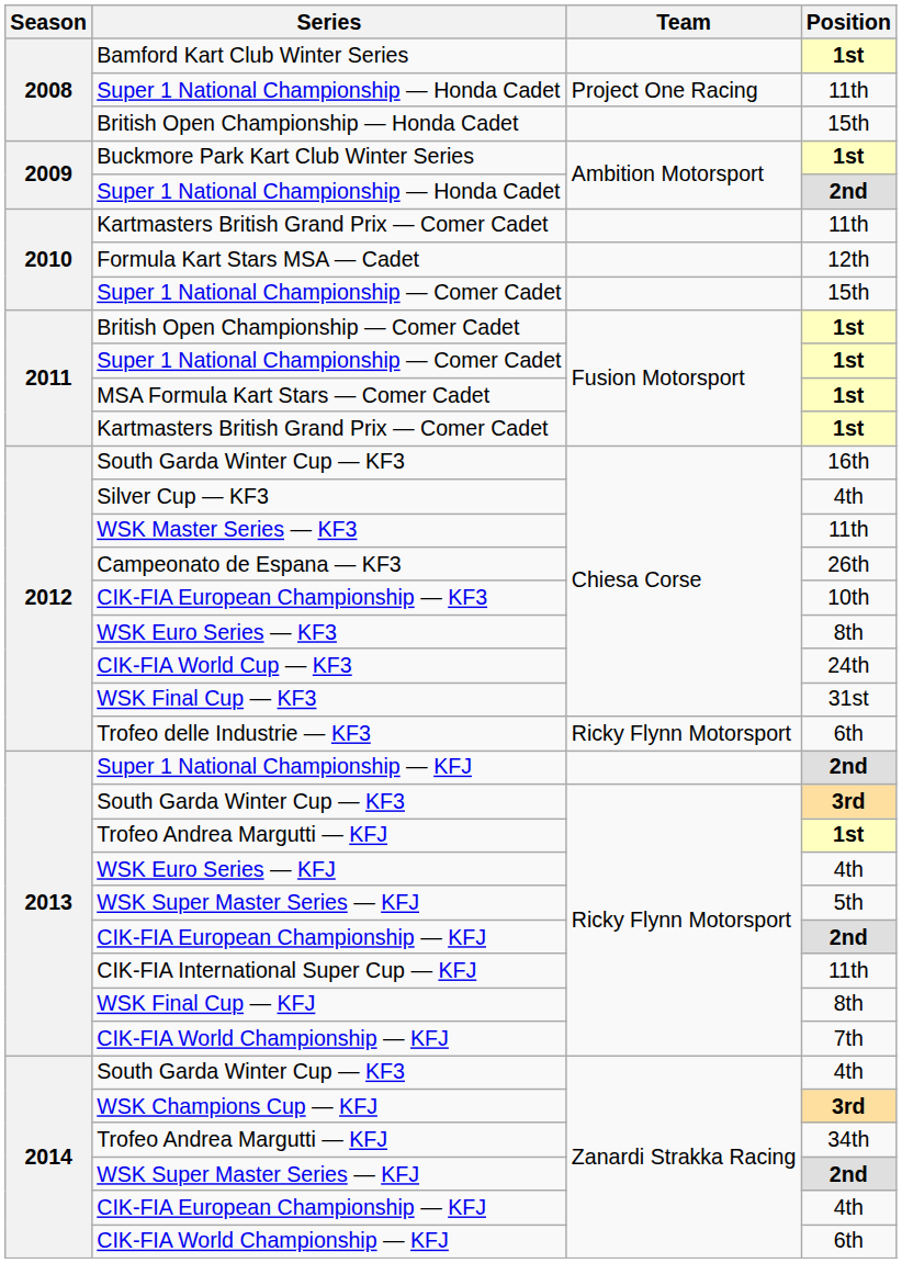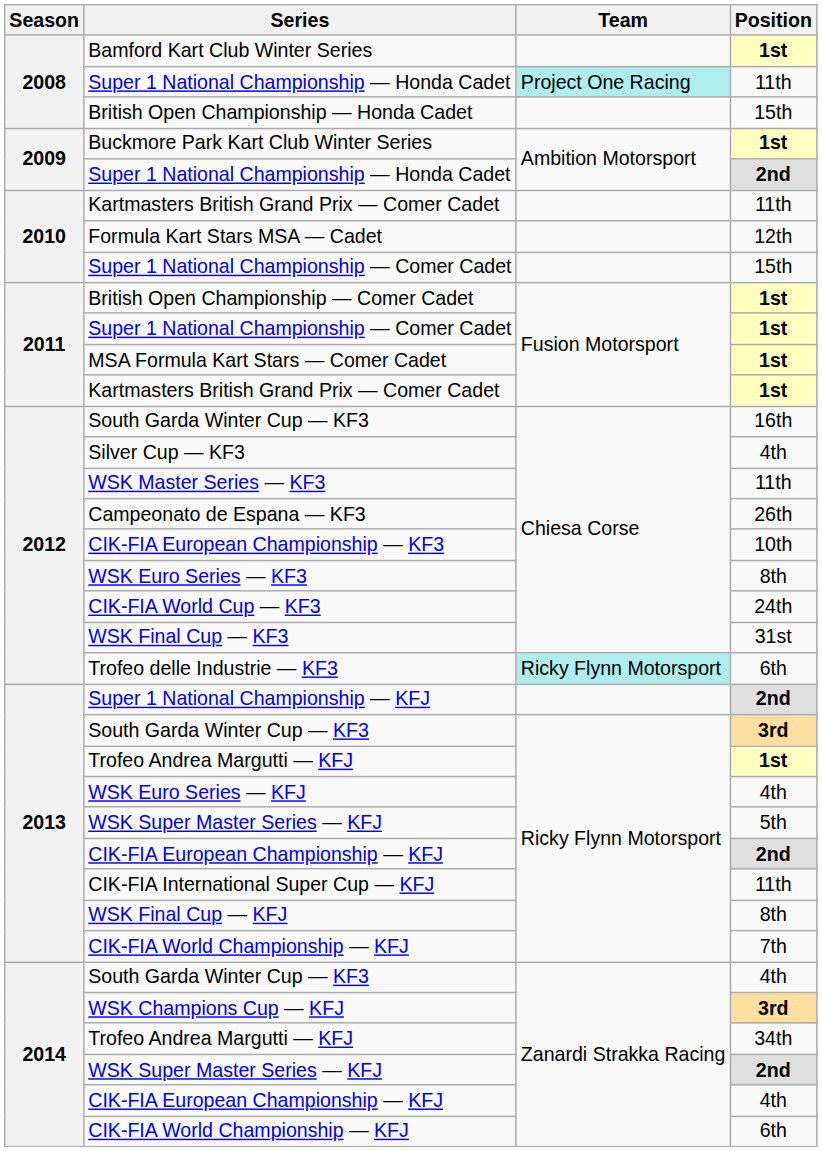 <table class="wikitable" style="font-size: 85%; text-align:center">
 <tr>
 <th>Season</th>
 <th>Series</th>
 <th>Team</th>
 <th>Position</th>
 </tr>
 <tr>
 <th rowspan="3">2008</th>
 <td align="left">Bamford Kart Club Winter Series</td>
 <td align="left"></td>
 <td style="background:#FFFFBF;"><strong>1st</strong></td>
 </tr>
 <tr>
 <td align="left"><a href='#'>Super 1 National Championship</a> — Honda Cadet</td>
-<td align="left">Project One Racing</td>
+<td align="left" style="background: paleturquoise;">Project One Racing</td>
 <td>11th</td>
 </tr>
 <tr>
 <td align="left">British Open Championship — Honda Cadet</td>
 <td align="left"></td>
 <td>15th</td>
 </tr>
 <tr>
 <th rowspan="2">2009</th>
 <td align="left">Buckmore Park Kart Club Winter Series</td>
 <td rowspan="2" align="left">Ambition Motorsport</td>
 <td style="background:#FFFFBF;"><strong>1st</strong></td>
 </tr>
 <tr>
 <td align="left"><a href='#'>Super 1 National Championship</a> — Honda Cadet</td>
 <td style="background:#DFDFDF;"><strong>2nd</strong></td>
 </tr>
 <tr>
 <th rowspan="3">2010</th>
 <td align="left">Kartmasters British Grand Prix — Comer Cadet</td>
 <td align="left"></td>
 <td>11th</td>
 </tr>
 <tr>
 <td align="left">Formula Kart Stars MSA — Cadet</td>
 <td align="left"></td>
 <td>12th</td>
 </tr>
 <tr>
 <td align="left"><a href='#'>Super 1 National Championship</a> — Comer Cadet</td>
 <td align="left"></td>
 <td>15th</td>
 </tr>
 <tr>
 <th rowspan="4">2011</th>
 <td align="left">British Open Championship — Comer Cadet</td>
 <td rowspan="4" align="left">Fusion Motorsport</td>
 <td style="background:#FFFFBF;"><strong>1st</strong></td>
 </tr>
 <tr>
 <td align="left"><a href='#'>Super 1 National Championship</a> — Comer Cadet</td>
 <td style="background:#FFFFBF;"><strong>1st</strong></td>
 </tr>
 <tr>
 <td align="left">MSA Formula Kart Stars — Comer Cadet</td>
 <td style="background:#FFFFBF;"><strong>1st</strong></td>
 </tr>
 <tr>
 <td align="left">Kartmasters British Grand Prix — Comer Cadet</td>
 <td style="background:#FFFFBF;"><strong>1st</strong></td>
 </tr>
 <tr>
 <th rowspan="9">2012</th>
 <td align="left">South Garda Winter Cup — KF3</td>
 <td rowspan="8"  align="left">Chiesa Corse</td>
 <td>16th</td>
 </tr>
 <tr>
 <td align="left">Silver Cup — KF3</td>
 <td>4th</td>
 </tr>
 <tr>
 <td align="left"><a href='#'>WSK Master Series</a> — <a href='#'>KF3</a></td>
 <td>11th</td>
 </tr>
 <tr>
 <td align="left">Campeonato de Espana — KF3</td>
 <td>26th</td>
 </tr>
 <tr>
 <td align="left"><a href='#'>CIK-FIA European Championship</a> — <a href='#'>KF3</a></td>
 <td>10th</td>
 </tr>
 <tr>
 <td align="left"><a href='#'>WSK Euro Series</a> — <a href='#'>KF3</a></td>
 <td>8th</td>
 </tr>
 <tr>
 <td align="left"><a href='#'>CIK-FIA World Cup</a> — <a href='#'>KF3</a></td>
 <td>24th</td>
 </tr>
 <tr>
 <td align="left"><a href='#'>WSK Final Cup</a> — <a href='#'>KF3</a></td>
 <td>31st</td>
 </tr>
 <tr>
 <td align="left">Trofeo delle Industrie — <a href='#'>KF3</a></td>
-<td align="left">Ricky Flynn Motorsport</td>
+<td align="left" style="background: paleturquoise;">Ricky Flynn Motorsport</td>
 <td>6th</td>
 </tr>
 <tr>
 <th rowspan="9">2013</th>
 <td align="left"><a href='#'>Super 1 National Championship</a> — <a href='#'>KFJ</a></td>
 <td align="left"></td>
 <td style="background:#DFDFDF;"><strong>2nd</strong></td>
 </tr>
 <tr>
 <td align="left">South Garda Winter Cup — <a href='#'>KF3</a></td>
 <td rowspan="8"  align="left">Ricky Flynn Motorsport</td>
 <td style="background:#FFDF9F;"><strong>3rd</strong></td>
 </tr>
 <tr>
 <td align="left">Trofeo Andrea Margutti — <a href='#'>KFJ</a></td>
 <td style="background:#FFFFBF;"><strong>1st</strong></td>
 </tr>
 <tr>
 <td align="left"><a href='#'>WSK Euro Series</a> — <a href='#'>KFJ</a></td>
 <td>4th</td>
 </tr>
 <tr>
 <td align="left"><a href='#'>WSK Super Master Series</a> — <a href='#'>KFJ</a></td>
 <td>5th</td>
 </tr>
 <tr>
 <td align="left"><a href='#'>CIK-FIA European Championship</a> — <a href='#'>KFJ</a></td>
 <td style="background:#DFDFDF;"><strong>2nd</strong></td>
 </tr>
 <tr>
 <td align="left">CIK-FIA International Super Cup — <a href='#'>KFJ</a></td>
 <td>11th</td>
 </tr>
 <tr>
 <td align="left"><a href='#'>WSK Final Cup</a> — <a href='#'>KFJ</a></td>
 <td>8th</td>
 </tr>
 <tr>
 <td align="left"><a href='#'>CIK-FIA World Championship</a> — <a href='#'>KFJ</a></td>
 <td>7th</td>
 </tr>
 <tr>
 <th rowspan="6">2014</th>
 <td align="left">South Garda Winter Cup — <a href='#'>KF3</a></td>
 <td rowspan="6"  align="left">Zanardi Strakka Racing</td>
 <td>4th</td>
 </tr>
 <tr>
 <td align="left"><a href='#'>WSK Champions Cup</a> — <a href='#'>KFJ</a></td>
 <td style="background:#FFDF9F;"><strong>3rd</strong></td>
 </tr>
 <tr>
 <td align="left">Trofeo Andrea Margutti — <a href='#'>KFJ</a></td>
 <td>34th</td>
 </tr>
 <tr>
 <td align="left"><a href='#'>WSK Super Master Series</a> — <a href='#'>KFJ</a></td>
 <td style="background:#DFDFDF;"><strong>2nd</strong></td>
 </tr>
 <tr>
 <td align="left"><a href='#'>CIK-FIA European Championship</a> — <a href='#'>KFJ</a></td>
 <td>4th</td>
 </tr>
 <tr>
 <td align="left"><a href='#'>CIK-FIA World Championship</a> — <a href='#'>KFJ</a></td>
 <td>6th</td>
 </tr>
 </table>
